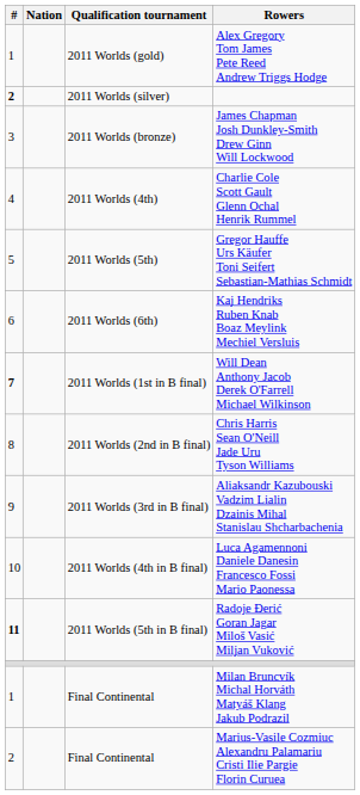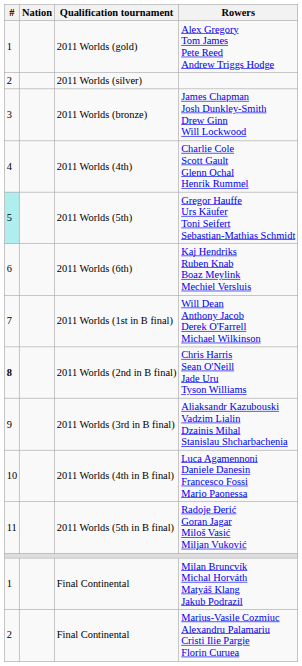 <table class="wikitable">
 <tr>
 <th>#</th>
 <th>Nation</th>
 <th>Qualification tournament</th>
 <th>Rowers</th>
 </tr>
 <tr>
 <td>1</td>
 <td></td>
 <td>2011 Worlds (gold)</td>
 <td><a href='#'>Alex Gregory</a><br><a href='#'>Tom James</a><br><a href='#'>Pete Reed</a><br><a href='#'>Andrew Triggs Hodge</a></td>
 </tr>
 <tr>
-<td><strong>2</strong></td>
+<td>2</td>
 <td></td>
 <td>2011 Worlds (silver)</td>
 <td></td>
 </tr>
 <tr>
 <td>3</td>
 <td></td>
 <td>2011 Worlds (bronze)</td>
 <td><a href='#'>James Chapman</a><br><a href='#'>Josh Dunkley-Smith</a><br><a href='#'>Drew Ginn</a><br><a href='#'>Will Lockwood</a></td>
 </tr>
 <tr>
 <td>4</td>
 <td></td>
 <td>2011 Worlds (4th)</td>
 <td><a href='#'>Charlie Cole</a><br><a href='#'>Scott Gault</a><br><a href='#'>Glenn Ochal</a><br><a href='#'>Henrik Rummel</a></td>
 </tr>
 <tr>
-<td>5</td>
+<td style="background: paleturquoise;">5</td>
 <td></td>
 <td>2011 Worlds (5th)</td>
 <td><a href='#'>Gregor Hauffe</a><br><a href='#'>Urs Käufer</a><br><a href='#'>Toni Seifert</a><br><a href='#'>Sebastian-Mathias Schmidt</a></td>
 </tr>
 <tr>
 <td>6</td>
 <td></td>
 <td>2011 Worlds (6th)</td>
 <td><a href='#'>Kaj Hendriks</a><br><a href='#'>Ruben Knab</a><br><a href='#'>Boaz Meylink</a><br><a href='#'>Mechiel Versluis</a></td>
 </tr>
 <tr>
-<td><strong>7</strong></td>
+<td>7</td>
 <td></td>
 <td>2011 Worlds (1st in B final)</td>
 <td><a href='#'>Will Dean</a><br><a href='#'>Anthony Jacob</a><br><a href='#'>Derek O'Farrell</a><br><a href='#'>Michael Wilkinson</a></td>
 </tr>
 <tr>
-<td>8</td>
+<td><strong>8</strong></td>
 <td></td>
 <td>2011 Worlds (2nd in B final)</td>
 <td><a href='#'>Chris Harris</a><br><a href='#'>Sean O'Neill</a><br><a href='#'>Jade Uru</a><br><a href='#'>Tyson Williams</a></td>
 </tr>
 <tr>
 <td>9</td>
 <td></td>
 <td>2011 Worlds (3rd in B final)</td>
 <td><a href='#'>Aliaksandr Kazubouski</a><br><a href='#'>Vadzim Lialin</a><br><a href='#'>Dzainis Mihal</a><br><a href='#'>Stanislau Shcharbachenia</a></td>
 </tr>
 <tr>
 <td>10</td>
 <td></td>
 <td>2011 Worlds (4th in B final)</td>
 <td><a href='#'>Luca Agamennoni</a><br><a href='#'>Daniele Danesin</a><br><a href='#'>Francesco Fossi</a><br><a href='#'>Mario Paonessa</a></td>
 </tr>
 <tr>
-<td><strong>11</strong></td>
+<td>11</td>
 <td></td>
 <td>2011 Worlds (5th in B final)</td>
 <td><a href='#'>Radoje Đerić</a><br><a href='#'>Goran Jagar</a><br><a href='#'>Miloš Vasić</a><br><a href='#'>Miljan Vuković</a></td>
 </tr>
 <tr bgcolor=#DDDDDD>
 <td colspan=4></td>
 </tr>
 <tr>
 <td>1</td>
 <td></td>
 <td>Final Continental</td>
 <td><a href='#'>Milan Bruncvík</a><br><a href='#'>Michal Horváth</a><br><a href='#'>Matyáš Klang</a><br><a href='#'>Jakub Podrazil</a></td>
 </tr>
 <tr>
 <td>2</td>
 <td></td>
 <td>Final Continental</td>
 <td><a href='#'>Marius-Vasile Cozmiuc</a><br><a href='#'>Alexandru Palamariu</a><br><a href='#'>Cristi Ilie Pargie</a><br><a href='#'>Florin Curuea</a></td>
 </tr>
 </table>
